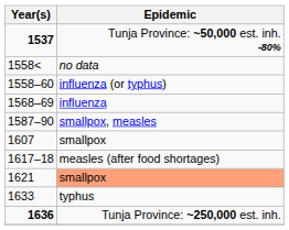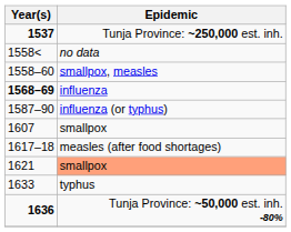 <table class="wikitable sortable mw-collapsible" align=right>
 <tr>
 <th scope="col">Year(s)</th>
 <th scope="col" width=300>Epidemic</th>
 </tr>
 <tr>
 <td align=right><strong>1537</strong></td>
-<td align=right>Tunja Province: <strong>~50,000</strong> est. inh.<br><small><strong><em>-80%</em></strong></small></td>
+<td align=right>Tunja Province: <strong>~250,000</strong> est. inh.</td>
 </tr>
 <tr>
 <td>1558<</td>
 <td><em>no data</em></td>
 </tr>
 <tr>
 <td>1558–60</td>
-<td><a href='#'>influenza</a> (or <a href='#'>typhus</a>)</td>
+<td><a href='#'>smallpox</a>, <a href='#'>measles</a></td>
 </tr>
 <tr>
-<td>1568–69</td>
+<td><strong>1568–69</strong></td>
 <td><a href='#'>influenza</a></td>
 </tr>
 <tr>
 <td>1587–90</td>
-<td><a href='#'>smallpox</a>, <a href='#'>measles</a></td>
+<td><a href='#'>influenza</a> (or <a href='#'>typhus</a>)</td>
 </tr>
 <tr>
 <td>1607</td>
 <td>smallpox</td>
 </tr>
 <tr>
 <td>1617–18</td>
 <td>measles (after food shortages)</td>
 </tr>
 <tr>
 <td>1621</td>
 <td style="background: lightsalmon;">smallpox</td>
 </tr>
 <tr>
 <td>1633</td>
 <td>typhus</td>
 </tr>
 <tr>
 <td align=right><strong>1636</strong></td>
-<td align=right>Tunja Province: <strong>~250,000</strong> est. inh.</td>
+<td align=right>Tunja Province: <strong>~50,000</strong> est. inh.<br><small><strong><em>-80%</em></strong></small></td>
 </tr>
 <tr>
 </tr>
 </table>
